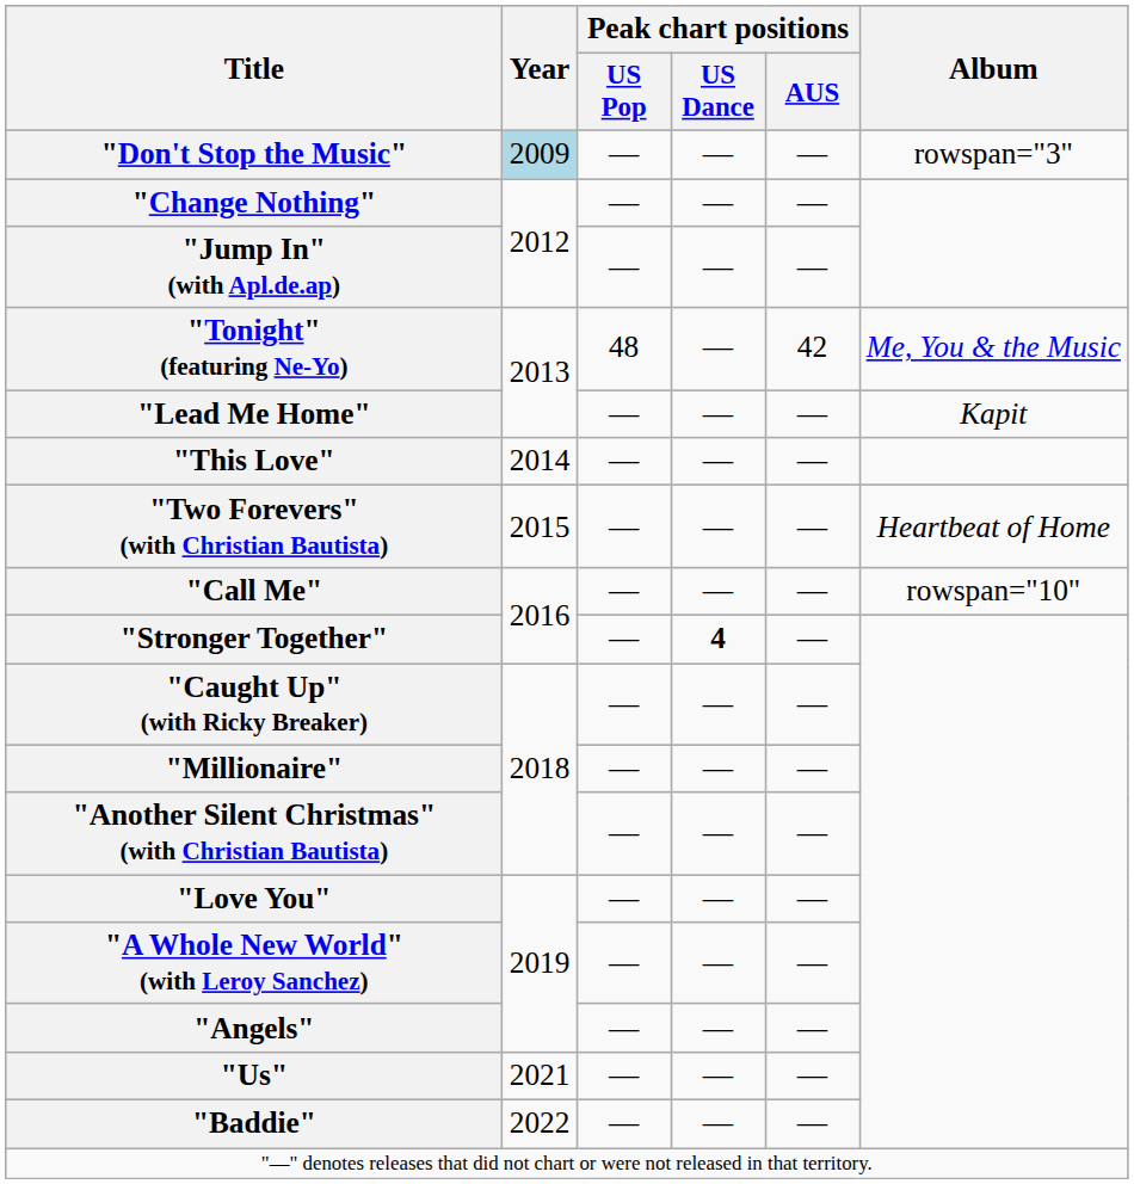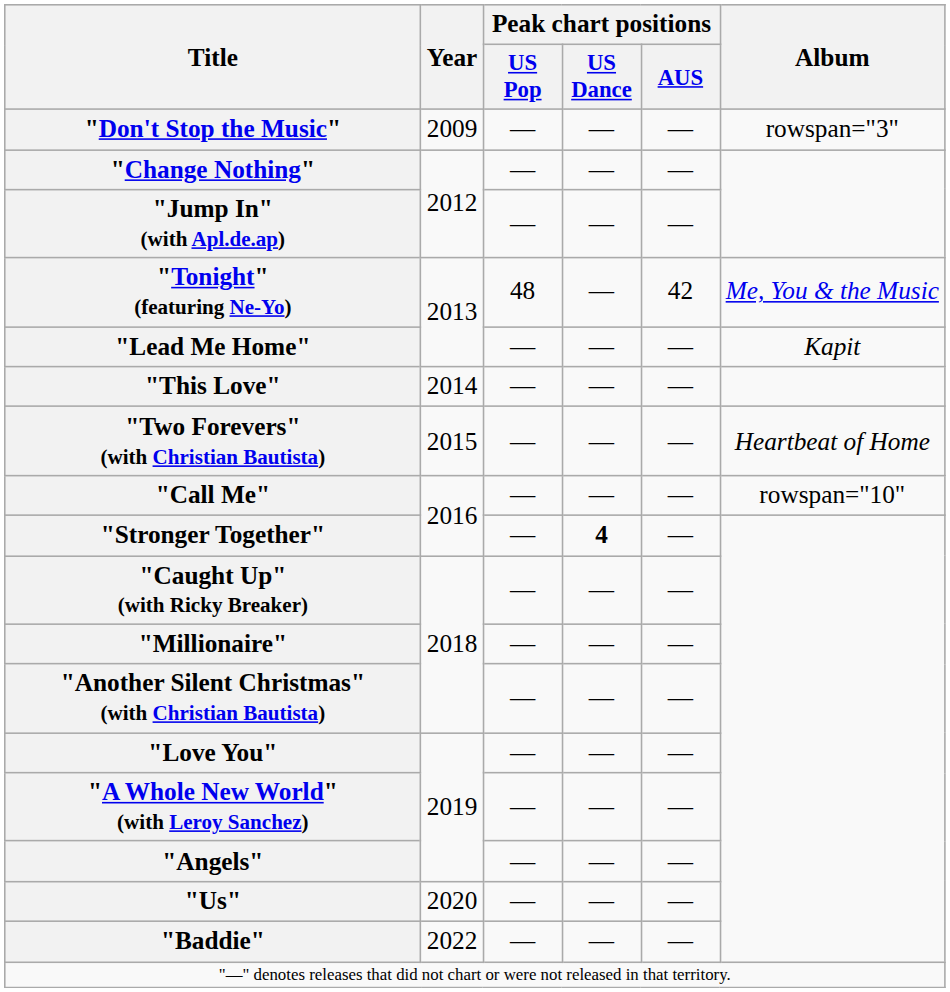 <table class="wikitable plainrowheaders" style="text-align:center;" border="1">
 <tr>
 <th scope="col" rowspan="2" style="width:16em;">Title</th>
 <th scope="col" rowspan="2">Year</th>
 <th scope="col" colspan="3">Peak chart positions</th>
 <th scope="col" rowspan="2">Album</th>
 </tr>
 <tr>
 <th scope="col" style="width:3em;font-size:90%;"><a href='#'>US<br>Pop</a><br></th>
 <th scope="col" style="width:3em;font-size:90%;"><a href='#'>US<br>Dance</a><br></th>
 <th scope="col" style="width:3em;font-size:90%;"><a href='#'>AUS</a><br></th>
 </tr>
 <tr>
 <th scope="row">"<a href='#'>Don't Stop the Music</a>"</th>
-<td style="background: lightblue;">2009</td>
+<td>2009</td>
 <td>—</td>
 <td>—</td>
 <td>—</td>
 <td>rowspan="3" </td>
 </tr>
 <tr>
 <th scope="row">"<a href='#'>Change Nothing</a>"</th>
 <td rowspan="2">2012</td>
 <td>—</td>
 <td>—</td>
 <td>—</td>
 </tr>
 <tr>
 <th scope="row">"Jump In"<br><small>(with <a href='#'>Apl.de.ap</a>)</small></th>
 <td>—</td>
 <td>—</td>
 <td>—</td>
 </tr>
 <tr>
 <th scope="row">"<a href='#'>Tonight</a>"<br><small>(featuring <a href='#'>Ne-Yo</a>)</small></th>
 <td rowspan="2">2013</td>
 <td>48</td>
 <td>—</td>
 <td>42</td>
 <td><em><a href='#'>Me, You & the Music</a></em></td>
 </tr>
 <tr>
 <th scope="row">"Lead Me Home"</th>
 <td>—</td>
 <td>—</td>
 <td>—</td>
 <td><em>Kapit</em></td>
 </tr>
 <tr>
 <th scope="row">"This Love"</th>
 <td>2014</td>
 <td>—</td>
 <td>—</td>
 <td>—</td>
 <td></td>
 </tr>
 <tr>
 <th scope="row">"Two Forevers"<br><small>(with <a href='#'>Christian Bautista</a>)</small></th>
 <td>2015</td>
 <td>—</td>
 <td>—</td>
 <td>—</td>
 <td><em>Heartbeat of Home</em></td>
 </tr>
 <tr>
 <th scope="row">"Call Me"</th>
 <td rowspan="2">2016</td>
 <td>—</td>
 <td>—</td>
 <td>—</td>
 <td>rowspan="10" </td>
 </tr>
 <tr>
 <th scope="row">"Stronger Together"</th>
 <td>—</td>
 <td><strong>4</strong></td>
 <td>—</td>
 </tr>
 <tr>
 <th scope="row">"Caught Up"<br><small>(with Ricky Breaker)</small></th>
 <td rowspan="3">2018</td>
 <td>—</td>
 <td>—</td>
 <td>—</td>
 </tr>
 <tr>
 <th scope="row">"Millionaire"</th>
 <td>—</td>
 <td>—</td>
 <td>—</td>
 </tr>
 <tr>
 <th scope="row">"Another Silent Christmas"<br><small>(with <a href='#'>Christian Bautista</a>)</small></th>
 <td>—</td>
 <td>—</td>
 <td>—</td>
 </tr>
 <tr>
 <th scope="row">"Love You"<br></th>
 <td rowspan="3">2019</td>
 <td>—</td>
 <td>—</td>
 <td>—</td>
 </tr>
 <tr>
 <th scope="row">"<a href='#'>A Whole New World</a>"<br><small>(with <a href='#'>Leroy Sanchez</a>)</small></th>
 <td>—</td>
 <td>—</td>
 <td>—</td>
 </tr>
 <tr>
 <th scope="row">"Angels"<br></th>
 <td>—</td>
 <td>—</td>
 <td>—</td>
 </tr>
 <tr>
 <th scope="row">"Us"</th>
-<td>2021</td>
+<td>2020</td>
 <td>—</td>
 <td>—</td>
 <td>—</td>
 </tr>
 <tr>
 <th scope="row">"Baddie"</th>
 <td>2022</td>
 <td>—</td>
 <td>—</td>
 <td>—</td>
 </tr>
 <tr>
 <td align="center" colspan="14" style="font-size:8pt">"—" denotes releases that did not chart or were not released in that territory.</td>
 </tr>
 </table>
